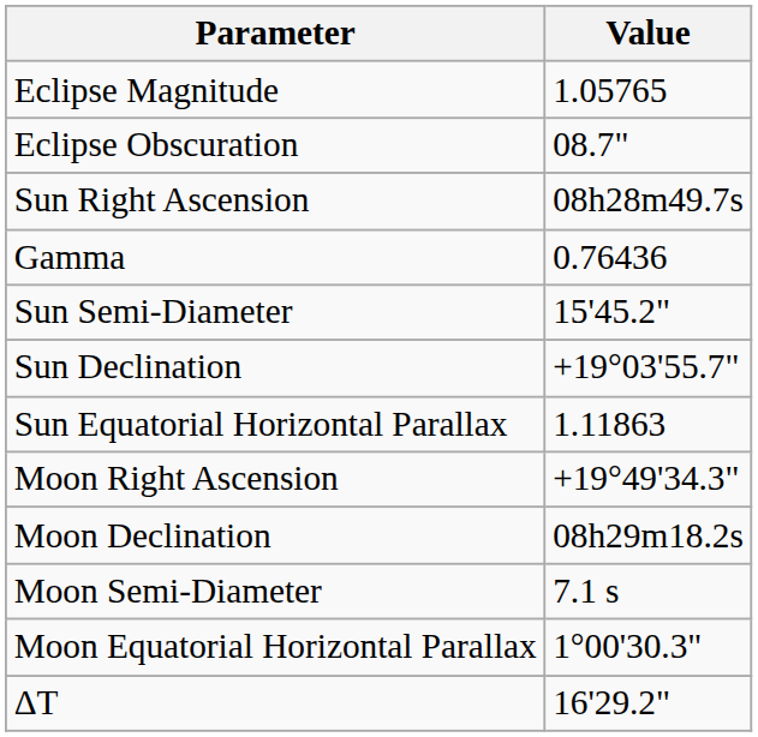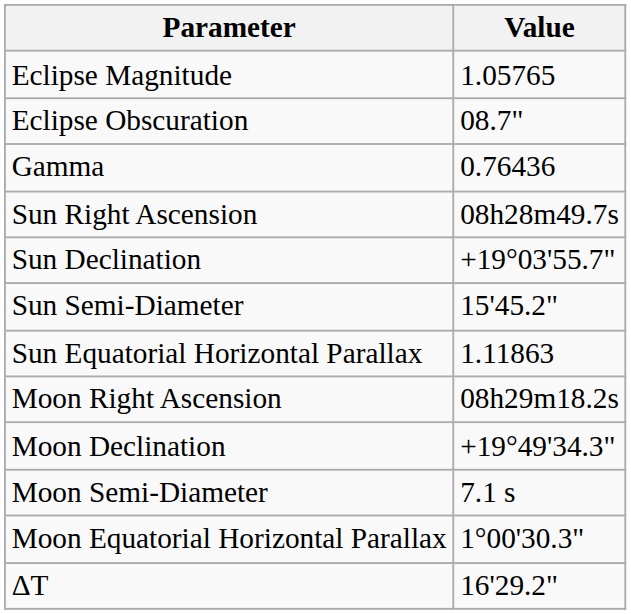 <table class="wikitable">
 <tr>
 <th>Parameter</th>
 <th>Value</th>
 </tr>
 <tr>
 <td>Eclipse Magnitude</td>
 <td>1.05765</td>
 </tr>
 <tr>
 <td>Eclipse Obscuration</td>
 <td>08.7"</td>
 </tr>
 <tr>
+<td>Gamma</td>
+<td>0.76436</td>
+</tr>
+<tr>
 <td>Sun Right Ascension</td>
 <td>08h28m49.7s</td>
 </tr>
 <tr>
-<td>Gamma</td>
-<td>0.76436</td>
+<td>Sun Declination</td>
+<td>+19°03'55.7"</td>
 </tr>
 <tr>
 <td>Sun Semi-Diameter</td>
 <td>15'45.2"</td>
-</tr>
-<tr>
-<td>Sun Declination</td>
-<td>+19°03'55.7"</td>
 </tr>
 <tr>
 <td>Sun Equatorial Horizontal Parallax</td>
 <td>1.11863</td>
 </tr>
 <tr>
 <td>Moon Right Ascension</td>
-<td>+19°49'34.3"</td>
+<td>08h29m18.2s</td>
 </tr>
 <tr>
 <td>Moon Declination</td>
-<td>08h29m18.2s</td>
+<td>+19°49'34.3"</td>
 </tr>
 <tr>
 <td>Moon Semi-Diameter</td>
 <td>7.1 s</td>
 </tr>
 <tr>
 <td>Moon Equatorial Horizontal Parallax</td>
 <td>1°00'30.3"</td>
 </tr>
 <tr>
 <td>ΔT</td>
 <td>16'29.2"</td>
 </tr>
 </table>
